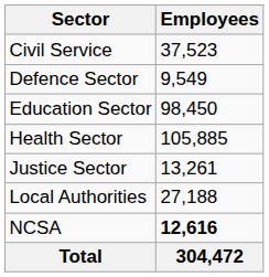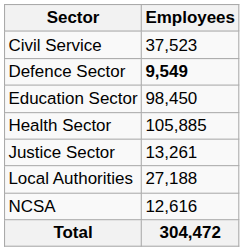 <table class="wikitable sortable">
 <tr>
 <th>Sector</th>
 <th>Employees</th>
 </tr>
 <tr>
 <td>Civil Service</td>
 <td>37,523</td>
 </tr>
 <tr>
 <td>Defence Sector</td>
-<td>9,549</td>
+<td><strong>9,549</strong></td>
 </tr>
 <tr>
 <td>Education Sector</td>
 <td>98,450</td>
 </tr>
 <tr>
 <td>Health Sector</td>
 <td>105,885</td>
 </tr>
 <tr>
 <td>Justice Sector</td>
 <td>13,261</td>
 </tr>
 <tr>
 <td>Local Authorities</td>
 <td>27,188</td>
 </tr>
 <tr>
 <td>NCSA</td>
-<td><strong>12,616</strong></td>
+<td>12,616</td>
 </tr>
 <tr>
 <th>Total</th>
 <th>304,472</th>
 </tr>
 </table>
